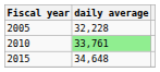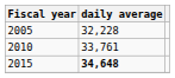 <table class="wikitable">
 <tr>
 <th>Fiscal year</th>
 <th>daily average</th>
 <th></th>
 </tr>
 <tr>
 <td>2005</td>
 <td>32,228</td>
 <td></td>
 </tr>
 <tr>
 <td>2010</td>
-<td style="background: lightgreen;">33,761</td>
+<td>33,761</td>
 <td></td>
 </tr>
 <tr>
 <td>2015</td>
-<td>34,648</td>
+<td><strong>34,648</strong></td>
 <td></td>
 </tr>
 <tr>
 </tr>
 </table>
